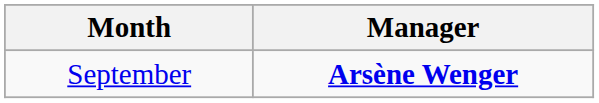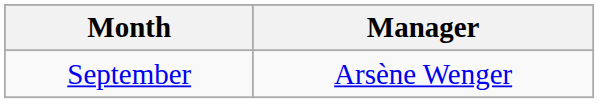 <table class="wikitable" style="text-align:center">
 <tr>
 <th>Month</th>
 <th>Manager</th>
 </tr>
 <tr>
 <td width="130"><a href='#'>September</a></td>
-<td width="180"><strong> <a href='#'>Arsène Wenger</a></strong></td>
+<td width="180"> <a href='#'>Arsène Wenger</a></td>
 </tr>
 </table>
